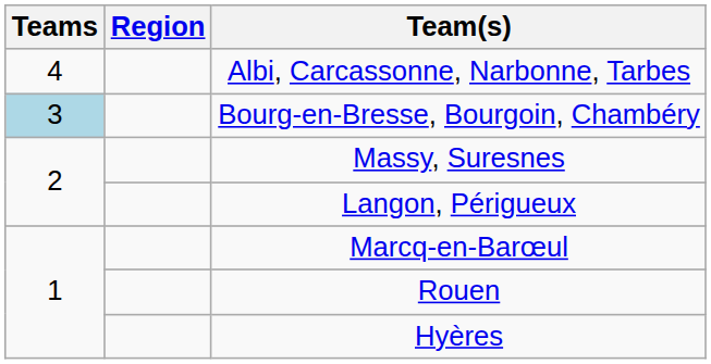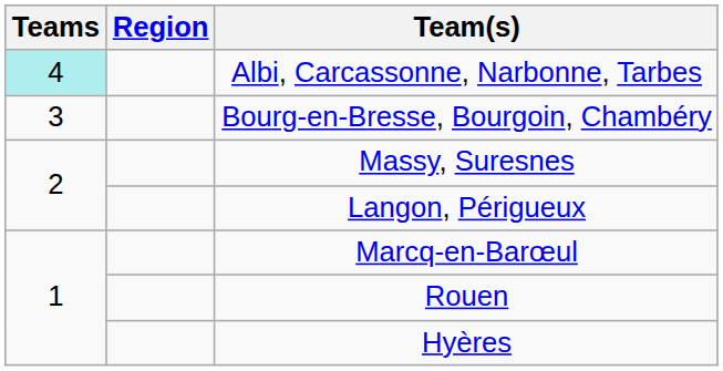 <table class="wikitable" style="text-align:center">
 <tr>
 <th>Teams</th>
 <th><a href='#'>Region</a></th>
 <th>Team(s)</th>
 </tr>
 <tr>
-<td rowspan="1">4</td>
+<td rowspan="1" style="background: paleturquoise;">4</td>
 <td align="left"></td>
 <td><a href='#'>Albi</a>, <a href='#'>Carcassonne</a>, <a href='#'>Narbonne</a>, <a href='#'>Tarbes</a></td>
 </tr>
 <tr>
-<td rowspan="1" style="background: lightblue;">3</td>
+<td rowspan="1">3</td>
 <td align="left"></td>
 <td><a href='#'>Bourg-en-Bresse</a>, <a href='#'>Bourgoin</a>, <a href='#'>Chambéry</a></td>
 </tr>
 <tr>
 <td rowspan="2">2</td>
 <td align="left"></td>
 <td><a href='#'>Massy</a>, <a href='#'>Suresnes</a></td>
 </tr>
 <tr>
 <td align="left"></td>
 <td><a href='#'>Langon</a>, <a href='#'>Périgueux</a></td>
 </tr>
 <tr>
 <td rowspan="3">1</td>
 <td align="left"></td>
 <td><a href='#'>Marcq-en-Barœul</a></td>
 </tr>
 <tr>
 <td align="left"></td>
 <td><a href='#'>Rouen</a></td>
 </tr>
 <tr>
 <td align="left"></td>
 <td><a href='#'>Hyères</a></td>
 </tr>
 </table>
